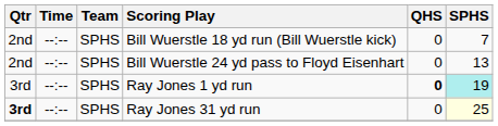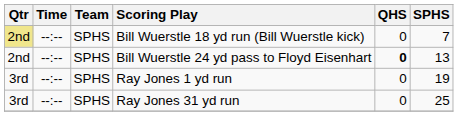 <table class="wikitable">
 <tr>
 <th style="text-align: center;">Qtr</th>
 <th style="text-align: center;">Time</th>
 <th style="text-align: center;">Team</th>
 <th style="text-align: left;">Scoring Play</th>
 <th style="text-align: right;">QHS</th>
 <th style="text-align: right;">SPHS</th>
 </tr>
 <tr>
-<td style="text-align: center;">2nd</td>
+<td style="background: khaki; text-align: center;">2nd</td>
 <td style="text-align: center;">--:--</td>
 <td style="text-align: center;">SPHS</td>
 <td style="text-align: left;">Bill Wuerstle 18 yd run (Bill Wuerstle kick)</td>
 <td style="text-align: right;">0</td>
 <td style="text-align: right;">7</td>
 </tr>
 <tr>
 <td style="text-align: center;">2nd</td>
 <td style="text-align: center;">--:--</td>
 <td style="text-align: center;">SPHS</td>
 <td style="text-align: left;">Bill Wuerstle 24 yd pass to Floyd Eisenhart</td>
-<td style="text-align: right;">0</td>
+<td style="text-align: right;"><strong>0</strong></td>
 <td style="text-align: right;">13</td>
 </tr>
 <tr>
 <td style="text-align: center;">3rd</td>
 <td style="text-align: center;">--:--</td>
 <td style="text-align: center;">SPHS</td>
 <td style="text-align: left;">Ray Jones 1 yd run</td>
-<td style="text-align: right;"><strong>0</strong></td>
-<td style="background: paleturquoise; text-align: right;">19</td>
+<td style="text-align: right;">0</td>
+<td style="text-align: right;">19</td>
 </tr>
 <tr>
-<td style="text-align: center;"><strong>3rd</strong></td>
+<td style="text-align: center;">3rd</td>
 <td style="text-align: center;">--:--</td>
 <td style="text-align: center;">SPHS</td>
 <td style="text-align: left;">Ray Jones 31 yd run</td>
 <td style="text-align: right;">0</td>
-<td style="background: lightyellow; text-align: right;">25</td>
+<td style="text-align: right;">25</td>
 </tr>
 <tr>
 </tr>
 </table>
